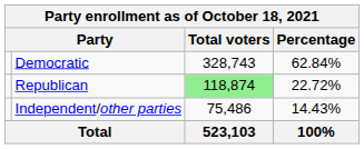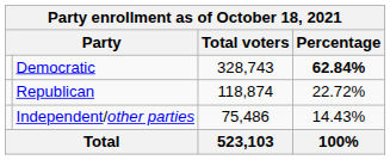 <table class=wikitable>
 <tr>
 <th colspan = 6>Party enrollment as of October 18, 2021</th>
 </tr>
 <tr>
 <th colspan = 2>Party</th>
 <th>Total voters</th>
 <th>Percentage</th>
 </tr>
 <tr>
 <td></td>
 <td><a href='#'>Democratic</a></td>
 <td align=center>328,743</td>
-<td align=center>62.84%</td>
+<td align=center><strong>62.84%</strong></td>
 </tr>
 <tr>
 <td></td>
 <td><a href='#'>Republican</a></td>
-<td align=center style="background: lightgreen;">118,874</td>
+<td align=center>118,874</td>
 <td align=center>22.72%</td>
 </tr>
 <tr>
 <td></td>
 <td><a href='#'>Independent</a>/<em><a href='#'>other parties</a></em></td>
 <td align=center>75,486</td>
 <td align=center>14.43%</td>
 </tr>
 <tr>
 <th colspan = 2>Total</th>
 <th align=right>523,103</th>
 <th align=right>100%</th>
 </tr>
 </table>
